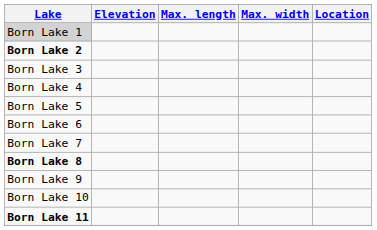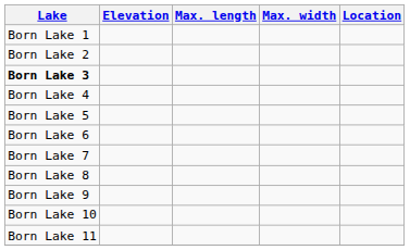 <table class="wikitable sortable">
 <tr>
 <th><a href='#'>Lake</a></th>
 <th><a href='#'>Elevation</a></th>
 <th><a href='#'>Max. length</a></th>
 <th><a href='#'>Max. width</a></th>
 <th><a href='#'>Location</a></th>
 </tr>
 <tr>
-<td style="background: lightgrey;">Born Lake 1</td>
+<td>Born Lake 1</td>
 <td></td>
 <td></td>
 <td></td>
 <td></td>
 </tr>
 <tr>
-<td><strong>Born Lake 2</strong></td>
+<td>Born Lake 2</td>
 <td></td>
 <td></td>
 <td></td>
 <td></td>
 </tr>
 <tr>
-<td>Born Lake 3</td>
+<td><strong>Born Lake 3</strong></td>
 <td></td>
 <td></td>
 <td></td>
 <td></td>
 </tr>
 <tr>
 <td>Born Lake 4</td>
 <td></td>
 <td></td>
 <td></td>
 <td></td>
 </tr>
 <tr>
 <td>Born Lake 5</td>
 <td></td>
 <td></td>
 <td></td>
 <td></td>
 </tr>
 <tr>
 <td>Born Lake 6</td>
 <td></td>
 <td></td>
 <td></td>
 <td></td>
 </tr>
 <tr>
 <td>Born Lake 7</td>
 <td></td>
 <td></td>
 <td></td>
 <td></td>
 </tr>
 <tr>
-<td><strong>Born Lake 8</strong></td>
+<td>Born Lake 8</td>
 <td></td>
 <td></td>
 <td></td>
 <td></td>
 </tr>
 <tr>
 <td>Born Lake 9</td>
 <td></td>
 <td></td>
 <td></td>
 <td></td>
 </tr>
 <tr>
 <td>Born Lake 10</td>
 <td></td>
 <td></td>
 <td></td>
 <td></td>
 </tr>
 <tr>
-<td><strong>Born Lake 11</strong></td>
+<td>Born Lake 11</td>
 <td></td>
 <td></td>
 <td></td>
 <td></td>
 </tr>
 <tr>
 </tr>
 </table>
